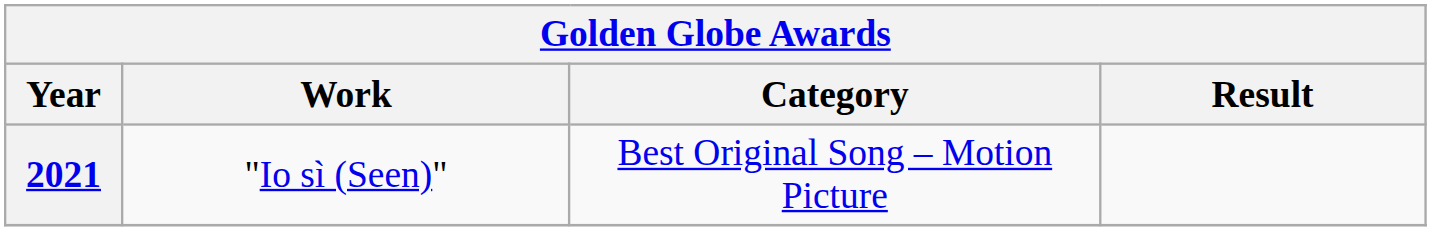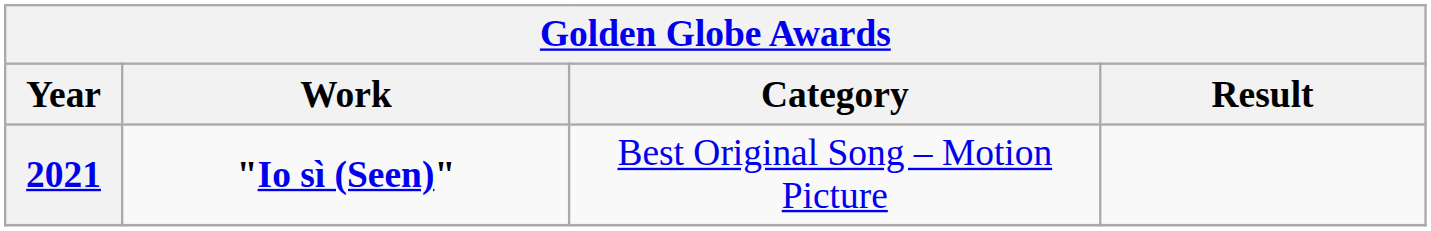 <table class=wikitable>
 <tr>
 <th Colspan=4 align=center><a href='#'>Golden Globe Awards</a></th>
 </tr>
 <tr>
 <th Width=4%>Year</th>
 <th Width=22%>Work</th>
 <th Width=26%>Category</th>
 <th Width=16%>Result</th>
 </tr>
 <tr>
 <th Align=Center><a href='#'>2021</a></th>
-<td Align=Center>"<a href='#'>Io sì (Seen)</a>"</td>
+<td Align=Center><strong>"<a href='#'>Io sì (Seen)</a>"</strong></td>
 <td Align=Center><a href='#'>Best Original Song – Motion Picture</a></td>
 <td></td>
 </tr>
 <tr>
 </tr>
 </table>
